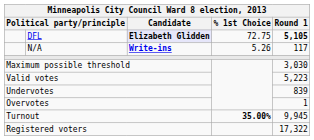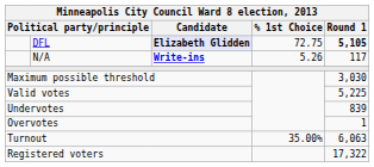 <table class="wikitable" style="font-size:95%">
 <tr>
 <th colspan="5">Minneapolis City Council Ward 8 election, 2013</th>
 </tr>
 <tr>
 <th colspan="2">Political party/principle</th>
 <th>Candidate</th>
 <th>% 1st Choice</th>
 <th>Round 1</th>
 </tr>
 <tr>
 <td style="background-color:"></td>
 <td><a href='#'>DFL</a></td>
 <td style="background: lavender;"><strong>Elizabeth Glidden</strong></td>
 <td align="right">72.75</td>
 <td align="right"><strong>5,105</strong></td>
 </tr>
 <tr>
 <td style="background-color:"></td>
 <td>N/A</td>
 <td><strong><a href='#'>Write-ins</a></strong></td>
 <td align="right">5.26</td>
 <td align="right">117</td>
 </tr>
 <tr>
 <td colspan="5" style="background: #E9E9E9"></td>
 </tr>
 <tr>
 <td colspan="3">Maximum possible threshold</td>
 <td rowspan="4"></td>
 <td align="right">3,030</td>
 </tr>
 <tr>
 <td colspan="3">Valid votes</td>
-<td align="right">5,223</td>
+<td align="right">5,225</td>
 </tr>
 <tr>
 <td colspan="3">Undervotes</td>
 <td align="right">839</td>
 </tr>
 <tr>
 <td colspan="3">Overvotes</td>
 <td align="right">1</td>
 </tr>
 <tr>
 <td colspan="3">Turnout</td>
-<td align="right"><strong>35.00%</strong></td>
-<td align="right">9,945</td>
+<td align="right">35.00%</td>
+<td align="right">6,063</td>
 </tr>
 <tr>
 <td colspan="3">Registered voters</td>
 <td></td>
 <td align="right">17,322</td>
 </tr>
 </table>
